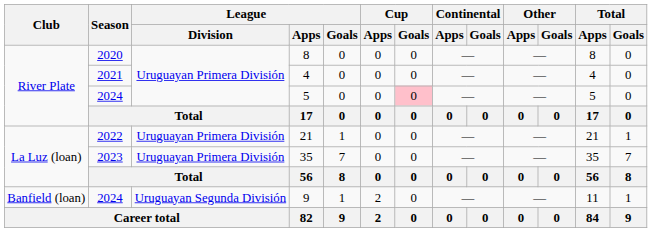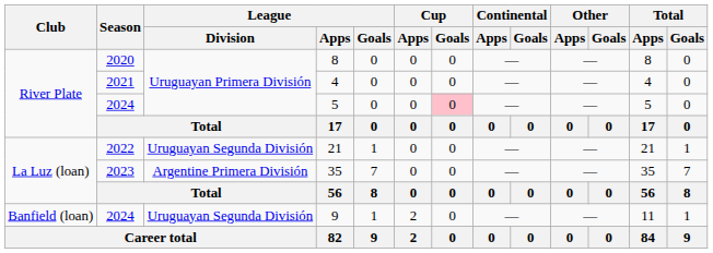 <table class="wikitable" style="text-align: center">
 <tr>
 <th rowspan="2">Club</th>
 <th rowspan="2">Season</th>
 <th colspan="3">League</th>
 <th colspan="2">Cup</th>
 <th colspan="2">Continental</th>
 <th colspan="2">Other</th>
 <th colspan="2">Total</th>
 </tr>
 <tr>
 <th>Division</th>
 <th>Apps</th>
 <th>Goals</th>
 <th>Apps</th>
 <th>Goals</th>
 <th>Apps</th>
 <th>Goals</th>
 <th>Apps</th>
 <th>Goals</th>
 <th>Apps</th>
 <th>Goals</th>
 </tr>
 <tr>
 <td rowspan=4><a href='#'>River Plate</a></td>
 <td><a href='#'>2020</a></td>
 <td rowspan=3><a href='#'>Uruguayan Primera División</a></td>
 <td>8</td>
 <td>0</td>
 <td>0</td>
 <td>0</td>
 <td colspan="2">—</td>
 <td colspan="2">—</td>
 <td>8</td>
 <td>0</td>
 </tr>
 <tr>
 <td><a href='#'>2021</a></td>
 <td>4</td>
 <td>0</td>
 <td>0</td>
 <td>0</td>
 <td colspan="2">—</td>
 <td colspan="2">—</td>
 <td>4</td>
 <td>0</td>
 </tr>
 <tr>
 <td><a href='#'>2024</a></td>
 <td>5</td>
 <td>0</td>
 <td>0</td>
 <td style="background: pink;">0</td>
 <td colspan="2">—</td>
 <td colspan="2">—</td>
 <td>5</td>
 <td>0</td>
 </tr>
 <tr>
 <th colspan="2"><strong>Total</strong></th>
 <th>17</th>
 <th>0</th>
 <th>0</th>
 <th>0</th>
 <th>0</th>
 <th>0</th>
 <th>0</th>
 <th>0</th>
 <th>17</th>
 <th>0</th>
 </tr>
 <tr>
 <td rowspan=3><a href='#'>La Luz</a> (loan)</td>
 <td><a href='#'>2022</a></td>
-<td><a href='#'>Uruguayan Primera División</a></td>
+<td><a href='#'>Uruguayan Segunda División</a></td>
 <td>21</td>
 <td>1</td>
 <td>0</td>
 <td>0</td>
 <td colspan="2">—</td>
 <td colspan="2">—</td>
 <td>21</td>
 <td>1</td>
 </tr>
 <tr>
 <td><a href='#'>2023</a></td>
-<td><a href='#'>Uruguayan Primera División</a></td>
+<td><a href='#'>Argentine Primera División</a></td>
 <td>35</td>
 <td>7</td>
 <td>0</td>
 <td>0</td>
 <td colspan="2">—</td>
 <td colspan="2">—</td>
 <td>35</td>
 <td>7</td>
 </tr>
 <tr>
 <th colspan="2"><strong>Total</strong></th>
 <th>56</th>
 <th>8</th>
 <th>0</th>
 <th>0</th>
 <th>0</th>
 <th>0</th>
 <th>0</th>
 <th>0</th>
 <th>56</th>
 <th>8</th>
 </tr>
 <tr>
 <td><a href='#'>Banfield</a> (loan)</td>
 <td><a href='#'>2024</a></td>
 <td><a href='#'>Uruguayan Segunda División</a></td>
 <td>9</td>
 <td>1</td>
 <td>2</td>
 <td>0</td>
 <td colspan="2">—</td>
 <td colspan="2">—</td>
 <td>11</td>
 <td>1</td>
 </tr>
 <tr>
 <th colspan="3"><strong>Career total</strong></th>
 <th>82</th>
 <th>9</th>
 <th>2</th>
 <th>0</th>
 <th>0</th>
 <th>0</th>
 <th>0</th>
 <th>0</th>
 <th>84</th>
 <th>9</th>
 </tr>
 </table>
